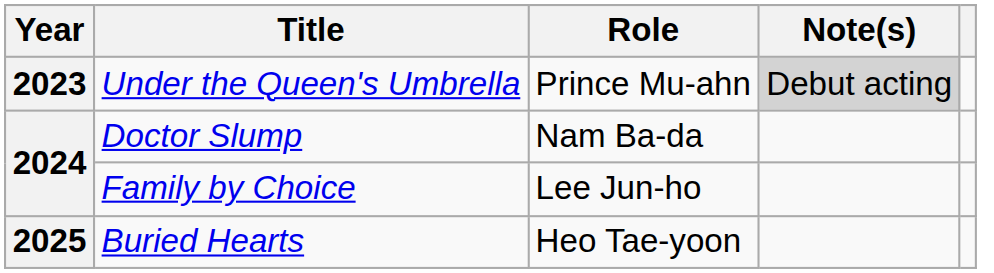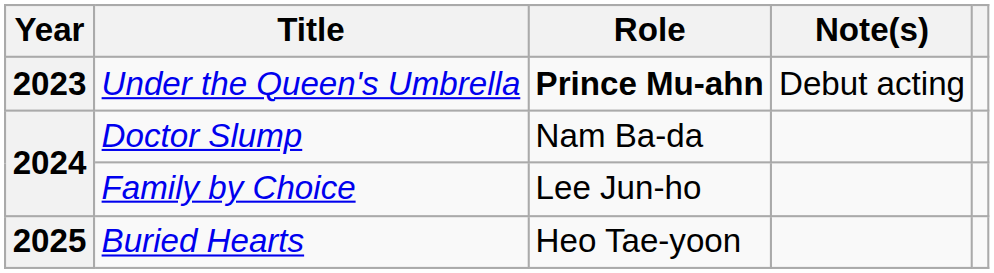 <table class="wikitable plainrowheaders sortable">
 <tr>
 <th scope="col">Year</th>
 <th scope="col">Title</th>
 <th scope="col">Role</th>
 <th scope="col" class="unsortable">Note(s)</th>
 <th scope="col" class="unsortable"></th>
 </tr>
 <tr>
 <th scope="row">2023</th>
 <td><em><a href='#'>Under the Queen's Umbrella</a></em></td>
-<td>Prince Mu-ahn</td>
-<td style="background: lightgrey;">Debut acting</td>
+<td><strong>Prince Mu-ahn</strong></td>
+<td>Debut acting</td>
 <td style="text-align:center"></td>
 </tr>
 <tr>
 <th scope="row" rowspan="2">2024</th>
 <td><em><a href='#'>Doctor Slump</a></em></td>
 <td>Nam Ba-da</td>
 <td></td>
 <td style="text-align:center"></td>
 </tr>
 <tr>
 <td><em><a href='#'>Family by Choice</a></em></td>
 <td>Lee Jun-ho</td>
 <td></td>
 <td style="text-align:center"></td>
 </tr>
 <tr>
 <th scope="row">2025</th>
 <td><em><a href='#'>Buried Hearts</a></em></td>
 <td>Heo Tae-yoon</td>
 <td></td>
 <td style="text-align:center"></td>
 </tr>
 </table>
